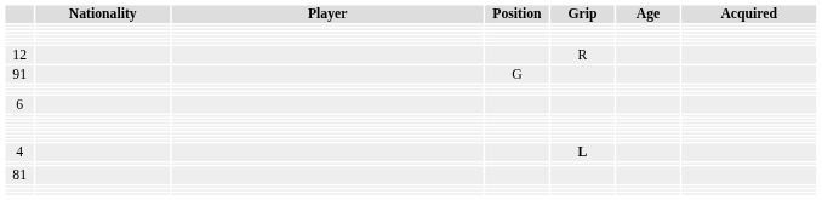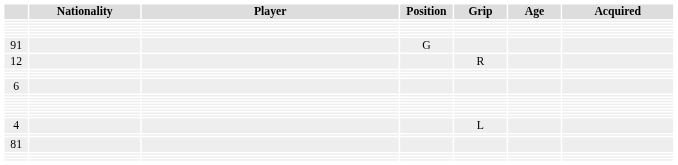 <table class="sortable" style="background:transparent;align:center">
 <tr style="background-color:#dddddd;">
 <th width=30em data-sort-type="number"></th>
 <th width=150em>Nationality</th>
 <th width=350em>Player</th>
 <th width=70em>Position</th>
 <th width=70em>Grip</th>
 <th width=70em>Age</th>
 <th width=150em>Acquired</th>
 </tr>
 <tr style="text-align:center;background-color:#eeeeee">
 <td></td>
 <td style="text-align:left;padding-left:1em;"></td>
 <td style="text-align:left;padding-left:1em;"></td>
 <td></td>
 <td></td>
 <td></td>
 <td></td>
 </tr>
 <tr style="text-align:center;background-color:#eeeeee">
 <td></td>
 <td style="text-align:left;padding-left:1em;"></td>
 <td style="text-align:left;padding-left:1em;"></td>
 <td></td>
 <td></td>
 <td></td>
 <td></td>
 </tr>
 <tr style="text-align:center;background-color:#eeeeee">
 <td></td>
 <td style="text-align:left;padding-left:1em;"></td>
 <td style="text-align:left;padding-left:1em;"></td>
 <td></td>
 <td></td>
 <td></td>
 <td></td>
 </tr>
 <tr style="text-align:center;background-color:#eeeeee">
 <td></td>
 <td style="text-align:left;padding-left:1em;"></td>
 <td style="text-align:left;padding-left:1em;"></td>
 <td></td>
 <td></td>
 <td></td>
 <td></td>
 </tr>
 <tr style="text-align:center;background-color:#eeeeee">
 <td></td>
 <td style="text-align:left;padding-left:1em;"></td>
 <td style="text-align:left;padding-left:1em;"></td>
 <td></td>
 <td></td>
 <td></td>
 <td></td>
 </tr>
 <tr style="text-align:center;background-color:#eeeeee">
 <td></td>
 <td style="text-align:left;padding-left:1em;"></td>
 <td style="text-align:left;padding-left:1em;"></td>
 <td></td>
 <td></td>
 <td></td>
 <td></td>
 </tr>
 <tr style="text-align:center;background-color:#eeeeee">
+<td>91</td>
+<td style="text-align:left;padding-left:1em;"></td>
+<td style="text-align:left;padding-left:1em;"></td>
+<td>G</td>
+<td></td>
+<td></td>
+<td></td>
+</tr>
+<tr style="text-align:center;background-color:#eeeeee">
 <td>12</td>
 <td style="text-align:left;padding-left:1em;"></td>
 <td style="text-align:left;padding-left:1em;"></td>
 <td></td>
 <td>R</td>
-<td></td>
-<td></td>
-</tr>
-<tr style="text-align:center;background-color:#eeeeee">
-<td>91</td>
-<td style="text-align:left;padding-left:1em;"></td>
-<td style="text-align:left;padding-left:1em;"></td>
-<td>G</td>
-<td></td>
 <td></td>
 <td></td>
 </tr>
 <tr style="text-align:center;background-color:#eeeeee">
 <td></td>
 <td style="text-align:left;padding-left:1em;"></td>
 <td style="text-align:left;padding-left:1em;"></td>
 <td></td>
 <td></td>
 <td></td>
 <td></td>
 </tr>
 <tr style="text-align:center;background-color:#eeeeee">
 <td></td>
 <td style="text-align:left;padding-left:1em;"></td>
 <td style="text-align:left;padding-left:1em;"></td>
 <td></td>
 <td></td>
 <td></td>
 <td></td>
 </tr>
 <tr style="text-align:center;background-color:#eeeeee">
 <td></td>
 <td style="text-align:left;padding-left:1em;"></td>
 <td style="text-align:left;padding-left:1em;"></td>
 <td></td>
 <td></td>
 <td></td>
 <td></td>
 </tr>
 <tr style="text-align:center;background-color:#eeeeee">
 <td>6</td>
 <td style="text-align:left;padding-left:1em;"></td>
 <td style="text-align:left;padding-left:1em;"></td>
 <td></td>
 <td></td>
 <td></td>
 <td></td>
 </tr>
 <tr style="text-align:center;background-color:#eeeeee">
 <td></td>
 <td style="text-align:left;padding-left:1em;"></td>
 <td style="text-align:left;padding-left:1em;"></td>
 <td></td>
 <td></td>
 <td></td>
 <td></td>
 </tr>
 <tr style="text-align:center;background-color:#eeeeee">
 <td></td>
 <td style="text-align:left;padding-left:1em;"></td>
 <td style="text-align:left;padding-left:1em;"></td>
 <td></td>
 <td></td>
 <td></td>
 <td></td>
 </tr>
 <tr style="text-align:center;background-color:#eeeeee">
 <td></td>
 <td style="text-align:left;padding-left:1em;"></td>
 <td style="text-align:left;padding-left:1em;"></td>
 <td></td>
 <td></td>
 <td></td>
 <td></td>
 </tr>
 <tr style="text-align:center;background-color:#eeeeee">
 <td></td>
 <td style="text-align:left;padding-left:1em;"></td>
 <td style="text-align:left;padding-left:1em;"></td>
 <td></td>
 <td></td>
 <td></td>
 <td></td>
 </tr>
 <tr style="text-align:center;background-color:#eeeeee">
 <td></td>
 <td style="text-align:left;padding-left:1em;"></td>
 <td style="text-align:left;padding-left:1em;"></td>
 <td></td>
 <td></td>
 <td></td>
 <td></td>
 </tr>
 <tr style="text-align:center;background-color:#eeeeee">
 <td></td>
 <td style="text-align:left;padding-left:1em;"></td>
 <td style="text-align:left;padding-left:1em;"></td>
 <td></td>
 <td></td>
 <td></td>
 <td></td>
 </tr>
 <tr style="text-align:center;background-color:#eeeeee">
 <td></td>
 <td style="text-align:left;padding-left:1em;"></td>
 <td style="text-align:left;padding-left:1em;"></td>
 <td></td>
 <td></td>
 <td></td>
 <td></td>
 </tr>
 <tr style="text-align:center;background-color:#eeeeee">
 <td></td>
 <td style="text-align:left;padding-left:1em;"></td>
 <td style="text-align:left;padding-left:1em;"></td>
 <td></td>
 <td></td>
 <td></td>
 <td></td>
 </tr>
 <tr style="text-align:center;background-color:#eeeeee">
 <td>4</td>
 <td style="text-align:left;padding-left:1em;"></td>
 <td style="text-align:left;padding-left:1em;"></td>
 <td></td>
-<td><strong>L</strong></td>
+<td>L</td>
 <td></td>
 <td></td>
 </tr>
 <tr style="text-align:center;background-color:#eeeeee">
 <td></td>
 <td style="text-align:left;padding-left:1em;"></td>
 <td style="text-align:left;padding-left:1em;"></td>
 <td></td>
 <td></td>
 <td></td>
 <td></td>
 </tr>
 <tr style="text-align:center;background-color:#eeeeee">
 <td>81</td>
 <td style="text-align:left;padding-left:1em;"></td>
 <td style="text-align:left;padding-left:1em;"></td>
 <td></td>
 <td></td>
 <td></td>
 <td></td>
 </tr>
 <tr style="text-align:center;background-color:#eeeeee">
 <td></td>
 <td style="text-align:left;padding-left:1em;"></td>
 <td style="text-align:left;padding-left:1em;"></td>
 <td></td>
 <td></td>
 <td></td>
 <td></td>
 </tr>
 <tr style="text-align:center;background-color:#eeeeee">
 <td></td>
 <td style="text-align:left;padding-left:1em;"></td>
 <td style="text-align:left;padding-left:1em;"></td>
 <td></td>
 <td></td>
 <td></td>
 <td></td>
 </tr>
 <tr style="text-align:center;background-color:#eeeeee">
 <td></td>
 <td style="text-align:left;padding-left:1em;"></td>
 <td style="text-align:left;padding-left:1em;"></td>
 <td></td>
 <td></td>
 <td></td>
 <td></td>
 </tr>
 </table>
